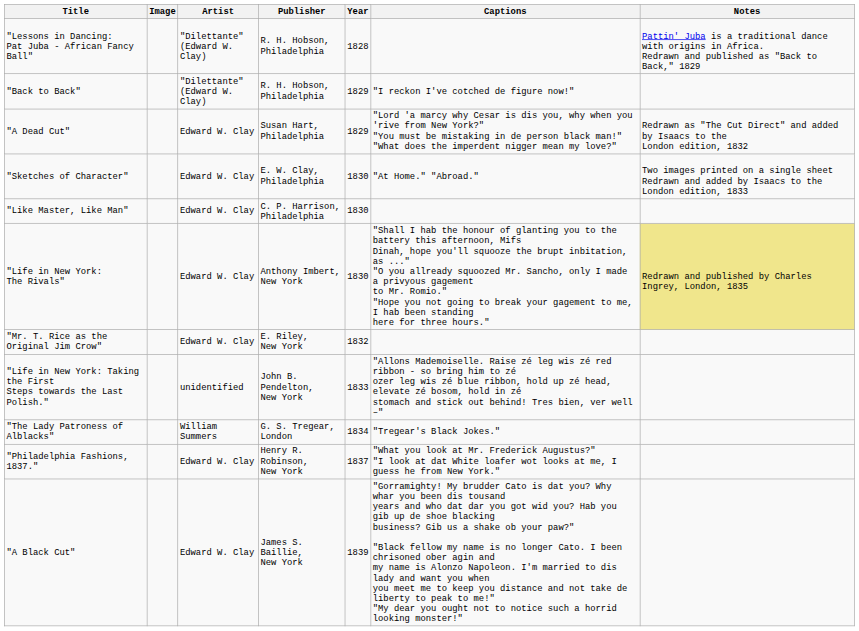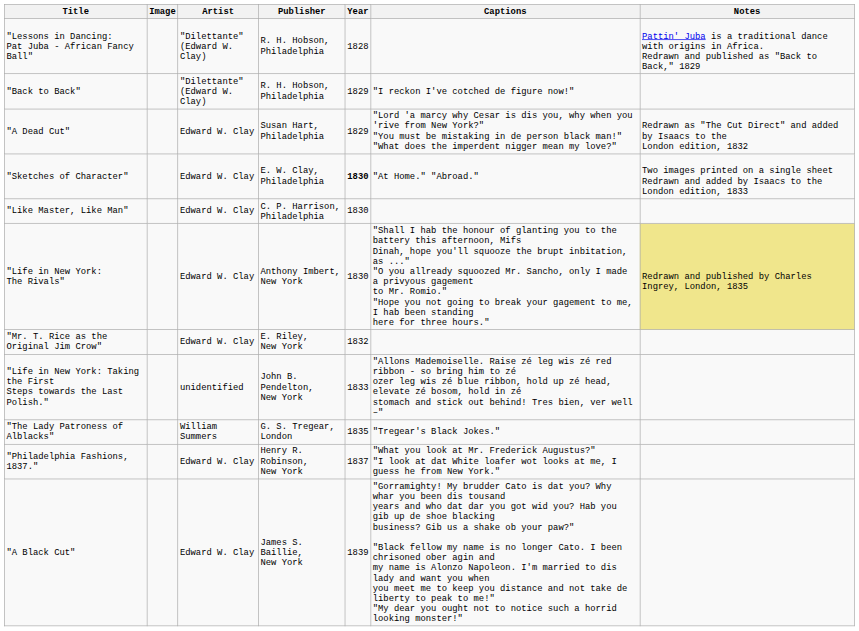 <table class="wikitable sortable">
 <tr>
 <th>Title</th>
 <th>Image</th>
 <th>Artist</th>
 <th>Publisher</th>
 <th>Year</th>
 <th>Captions</th>
 <th>Notes</th>
 </tr>
 <tr>
 <td>"Lessons in Dancing:<br>Pat Juba - African Fancy Ball"</td>
 <td></td>
 <td>"Dilettante"<br>(Edward W. Clay)</td>
 <td>R. H. Hobson,<br>Philadelphia</td>
 <td>1828</td>
 <td></td>
 <td><br><a href='#'>Pattin' Juba</a> is a traditional dance with origins in Africa.<br>Redrawn and published as "Back to Back," 1829</td>
 </tr>
 <tr>
 <td>"Back to Back"</td>
 <td></td>
 <td>"Dilettante"<br>(Edward W. Clay)</td>
 <td>R. H. Hobson,<br>Philadelphia</td>
 <td>1829</td>
 <td>"I reckon I've cotched de figure now!"</td>
 <td></td>
 </tr>
 <tr>
 <td>"A Dead Cut"</td>
 <td></td>
 <td>Edward W. Clay</td>
 <td>Susan Hart,<br>Philadelphia</td>
 <td>1829</td>
 <td>"Lord 'a marcy why Cesar is dis you, why when you 'rive from New York?"<br>"You must be mistaking in de person black man!"<br>"What does the imperdent nigger mean my love?"</td>
 <td><br>Redrawn as "The Cut Direct" and added by Isaacs to the<br>London edition, 1832</td>
 </tr>
 <tr>
 <td>"Sketches of Character"</td>
 <td></td>
 <td>Edward W. Clay</td>
 <td>E. W. Clay,<br>Philadelphia</td>
-<td>1830</td>
+<td><strong>1830</strong></td>
 <td>"At Home."  "Abroad."</td>
 <td><br>Two images printed on a single sheet<br>Redrawn and added by Isaacs to the London edition, 1833</td>
 </tr>
 <tr>
 <td>"Like Master, Like Man"</td>
 <td></td>
 <td>Edward W. Clay</td>
 <td>C. P. Harrison,<br>Philadelphia</td>
 <td>1830</td>
 <td></td>
 <td></td>
 </tr>
 <tr>
 <td>"Life in New York:<br>The Rivals"</td>
 <td></td>
 <td>Edward W. Clay</td>
 <td>Anthony Imbert,<br>New York</td>
 <td>1830</td>
 <td>"Shall I hab the honour of glanting you to the battery this afternoon, Mifs<br>Dinah, hope you'll squooze the brupt inbitation, as ..."<br>"O you allready squoozed Mr. Sancho, only I made a privyous gagement<br>to Mr. Romio."<br>"Hope you not going to break your gagement to me, I hab been standing<br>here for three hours."</td>
 <td style="background: khaki;"><br>Redrawn and published by Charles Ingrey, London, 1835</td>
 </tr>
 <tr>
 <td>"Mr. T. Rice as the<br>Original Jim Crow"</td>
 <td></td>
 <td>Edward W. Clay</td>
 <td>E. Riley,<br>New York</td>
 <td>1832</td>
 <td></td>
 </tr>
 <tr>
 <td>"Life in New York: Taking the First<br>Steps towards the Last Polish."</td>
 <td></td>
 <td>unidentified</td>
 <td>John B. Pendelton,<br>New York</td>
 <td>1833</td>
 <td>"Allons Mademoiselle. Raise zé leg wis zé red ribbon - so bring him to zé<br>ozer leg wis zé blue ribbon, hold up zé head, elevate zé bosom, hold in zé<br>stomach and stick out behind! Tres bien, ver well –"</td>
 <td></td>
 </tr>
 <tr>
 <td>"The Lady Patroness of<br>Alblacks"</td>
 <td></td>
 <td>William Summers</td>
 <td>G. S. Tregear,<br>London</td>
-<td>1834</td>
+<td>1835</td>
 <td>"Tregear's Black Jokes."</td>
 <td></td>
 </tr>
 <tr>
 <td>"Philadelphia Fashions, 1837."</td>
 <td></td>
 <td>Edward W. Clay</td>
 <td>Henry R. Robinson,<br>New York</td>
 <td>1837</td>
 <td>"What you look at Mr. Frederick Augustus?"<br>"I look at dat White loafer wot looks at me, I guess he from New York."</td>
 <td></td>
 </tr>
 <tr>
 <td>"A Black Cut"</td>
 <td></td>
 <td>Edward W. Clay</td>
 <td>James S. Baillie,<br>New York</td>
 <td>1839</td>
 <td>"Gorramighty! My brudder Cato is dat you? Why whar you been dis tousand<br>years and who dat dar you got wid you? Hab you gib up de shoe blacking<br>business? Gib us a shake ob your paw?"<br><br>"Black fellow my name is no longer Cato. I been chrisoned ober agin and<br>my name is Alonzo Napoleon. I'm married to dis lady and want you when<br>you meet me to keep you distance and not take de liberty to peak to me!"<br> "My dear you ought not to notice such a horrid looking monster!"</td>
 <td></td>
 </tr>
 </table>
